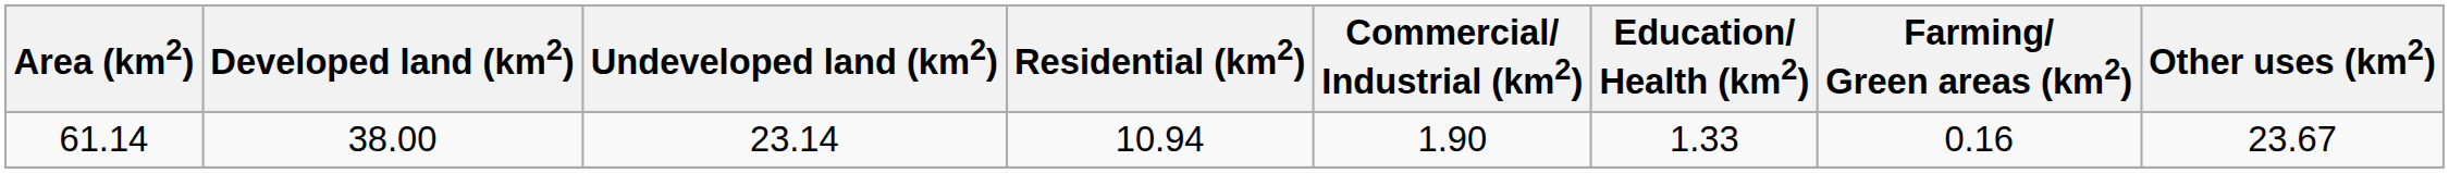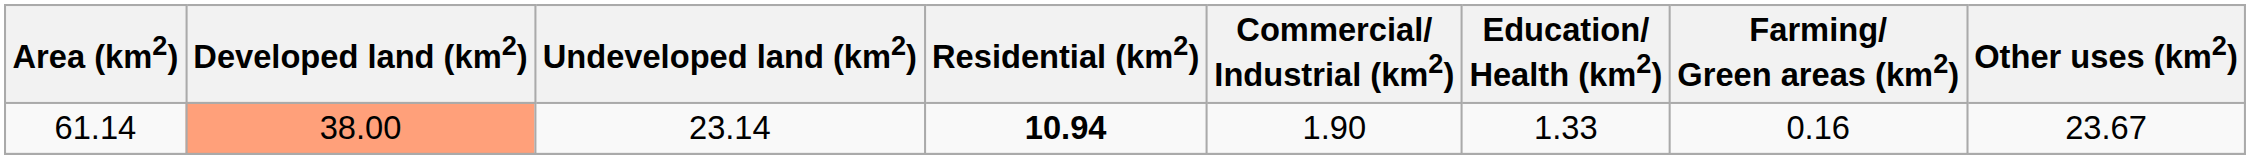 <table class="wikitable" style="text-align: center;">
 <tr>
 <th>Area (km<sup>2</sup>)</th>
 <th>Developed land (km<sup>2</sup>)</th>
 <th>Undeveloped land (km<sup>2</sup>)</th>
 <th>Residential (km<sup>2</sup>)</th>
 <th>Commercial/<br> Industrial (km<sup>2</sup>)</th>
 <th>Education/<br> Health (km<sup>2</sup>)</th>
 <th>Farming/<br> Green areas (km<sup>2</sup>)</th>
 <th>Other uses (km<sup>2</sup>)</th>
 </tr>
 <tr>
 <td>61.14</td>
-<td>38.00</td>
+<td style="background: lightsalmon;">38.00</td>
 <td>23.14</td>
-<td>10.94</td>
+<td><strong>10.94</strong></td>
 <td>1.90</td>
 <td>1.33</td>
 <td>0.16</td>
 <td>23.67</td>
 </tr>
 <tr>
 </tr>
 </table>
